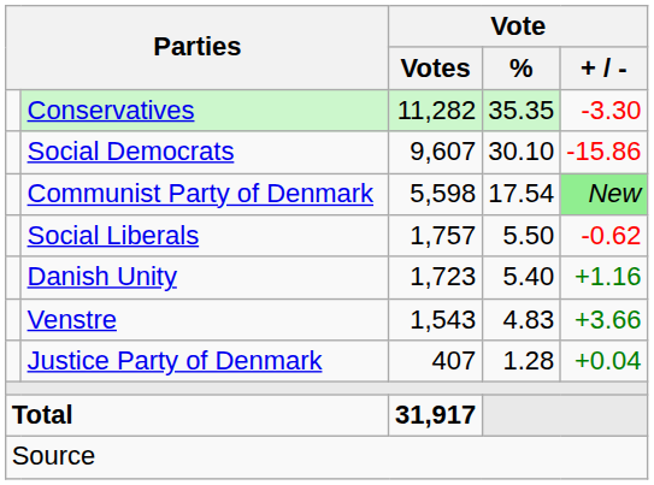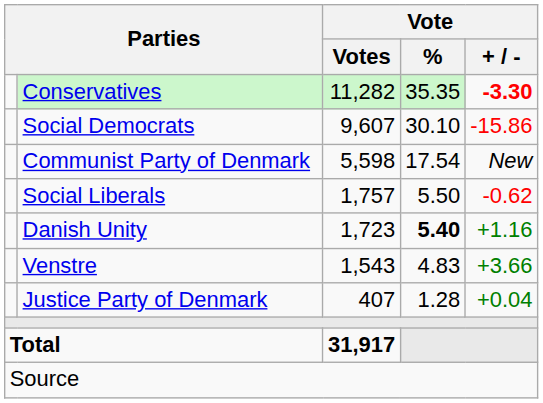 <table class="wikitable" style="text-align:right;">
 <tr>
 <th style="text-align:centre;" rowspan="2" colspan="2" width="225">Parties</th>
 <th colspan="3">Vote</th>
 </tr>
 <tr>
 <th width="15">Votes</th>
 <th width="15">%</th>
 <th width="15">+ / -</th>
 </tr>
 <tr>
 <td width="2" style="color:inherit;background:"></td>
 <td bgcolor=#ccf7cc  align="left"><a href='#'>Conservatives</a></td>
 <td bgcolor=#ccf7cc>11,282</td>
 <td bgcolor=#ccf7cc>35.35</td>
-<td style=color:red;>-3.30</td>
+<td style=color:red;><strong>-3.30</strong></td>
 </tr>
 <tr>
 <td width="2" style="color:inherit;background:"></td>
 <td align="left"><a href='#'>Social Democrats</a></td>
 <td>9,607</td>
 <td>30.10</td>
 <td style=color:red;>-15.86</td>
 </tr>
 <tr>
 <td width="2" style="color:inherit;background:"></td>
 <td align="left"><a href='#'>Communist Party of Denmark</a></td>
 <td>5,598</td>
 <td>17.54</td>
-<td style="background: lightgreen;"><em>New</em></td>
+<td><em>New</em></td>
 </tr>
 <tr>
 <td width="2" style="color:inherit;background:"></td>
 <td align="left"><a href='#'>Social Liberals</a></td>
 <td>1,757</td>
 <td>5.50</td>
 <td style=color:red;>-0.62</td>
 </tr>
 <tr>
 <td width="2" style="color:inherit;background:"></td>
 <td align="left"><a href='#'>Danish Unity</a></td>
 <td>1,723</td>
-<td>5.40</td>
+<td><strong>5.40</strong></td>
 <td style=color:green;>+1.16</td>
 </tr>
 <tr>
 <td width="2" style="color:inherit;background:"></td>
 <td align="left"><a href='#'>Venstre</a></td>
 <td>1,543</td>
 <td>4.83</td>
 <td style=color:green;>+3.66</td>
 </tr>
 <tr>
 <td width="2" style="color:inherit;background:"></td>
 <td align="left"><a href='#'>Justice Party of Denmark</a></td>
 <td>407</td>
 <td>1.28</td>
 <td style=color:green;>+0.04</td>
 </tr>
 <tr>
 <td colspan="7" bgcolor="#E9E9E9"></td>
 </tr>
 <tr>
 <td align="left" colspan="2"><strong>Total</strong></td>
 <td><strong>31,917</strong></td>
 <td bgcolor="#E9E9E9" colspan="2"></td>
 </tr>
 <tr>
 <td align="left" colspan="6">Source</td>
 </tr>
 </table>
